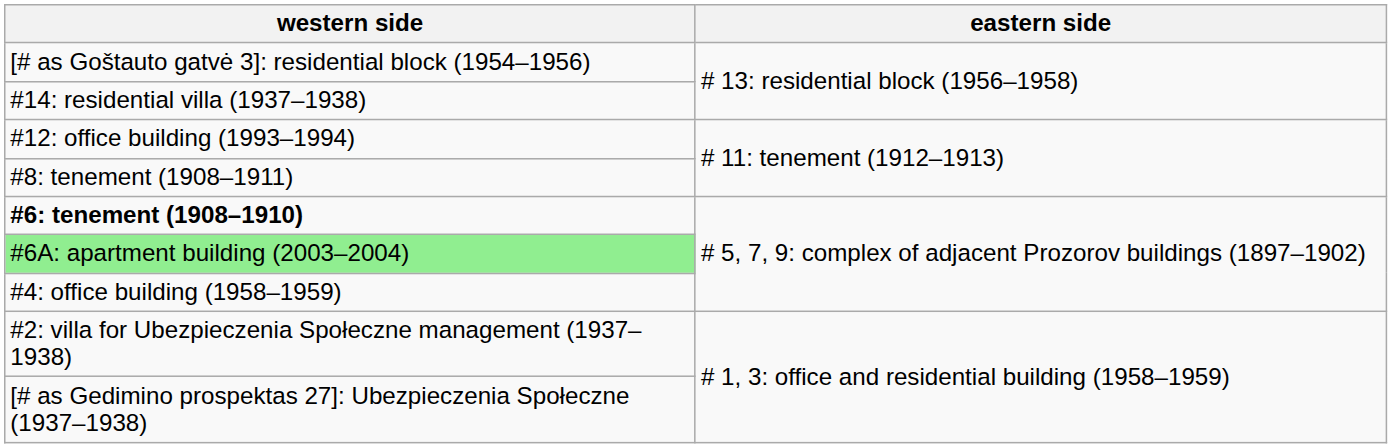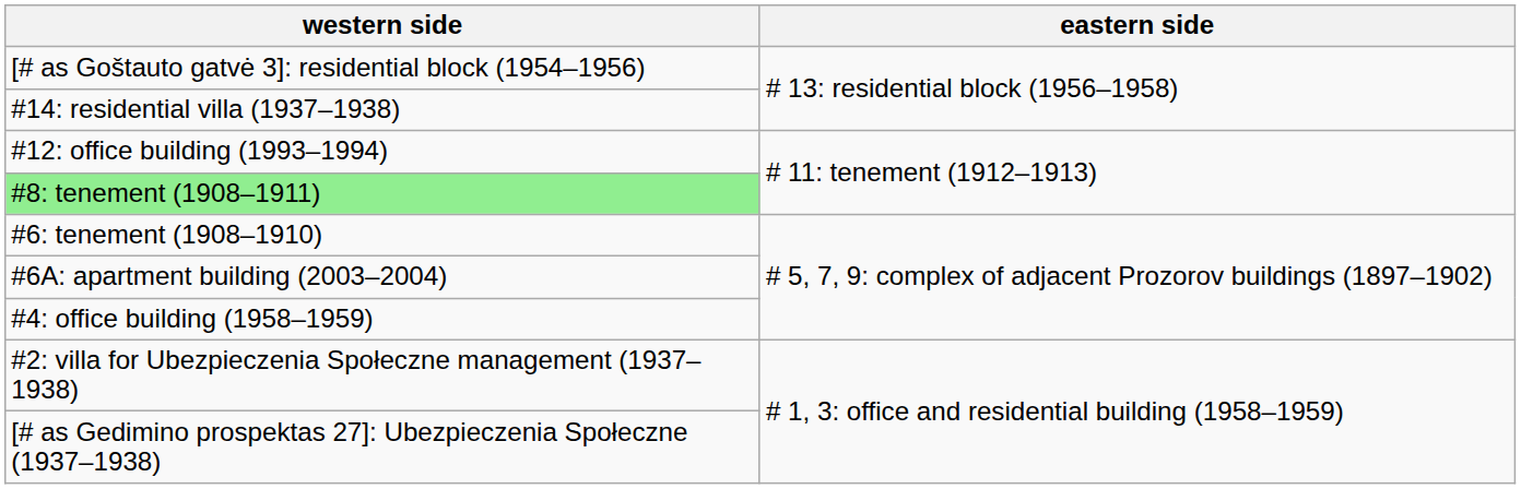 <table class=wikitable>
 <tr>
 <th style="width: 450px;">western side</th>
 <th style="width: 450px;">eastern side</th>
 </tr>
 <tr>
 <td>[# as Goštauto gatvė 3]: residential block (1954–1956)</td>
 <td rowspan=2># 13: residential block (1956–1958)</td>
 </tr>
 <tr>
 <td>#14: residential villa (1937–1938)</td>
 </tr>
 <tr>
 <td>#12: office building (1993–1994)</td>
 <td rowspan=2># 11: tenement (1912–1913)</td>
 </tr>
 <tr>
-<td>#8: tenement (1908–1911)</td>
+<td style="background: lightgreen;">#8: tenement (1908–1911)</td>
 </tr>
 <tr>
-<td><strong>#6: tenement (1908–1910)</strong></td>
+<td>#6: tenement (1908–1910)</td>
 <td rowspan=3># 5, 7, 9: complex of adjacent Prozorov buildings (1897–1902)<br></td>
 </tr>
 <tr>
-<td style="background: lightgreen;">#6A: apartment building (2003–2004)</td>
+<td>#6A: apartment building (2003–2004)</td>
 </tr>
 <tr>
 <td>#4: office building (1958–1959)</td>
 </tr>
 <tr>
 <td>#2: villa for Ubezpieczenia Społeczne management (1937–1938)</td>
 <td rowspan=2># 1, 3: office and residential building (1958–1959)</td>
 </tr>
 <tr>
 <td>[# as Gedimino prospektas 27]: Ubezpieczenia Społeczne (1937–1938)</td>
 </tr>
 </table>
